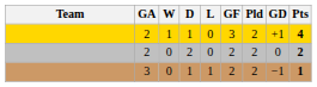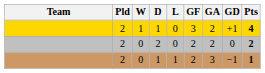 <table class="wikitable" style="text-align: center;">
 <tr>
 <th width=165>Team</th>
-<th width=20>GA</th>
+<th width=20>Pld</th>
 <th width=20>W</th>
 <th width=20>D</th>
 <th width=20>L</th>
 <th width=20>GF</th>
-<th width=20>Pld</th>
+<th width=20>GA</th>
 <th width=20>GD</th>
 <th width=20>Pts</th>
 </tr>
 <tr bgcolor=gold>
 <td align="left"></td>
 <td>2</td>
 <td>1</td>
 <td>1</td>
 <td>0</td>
 <td>3</td>
 <td>2</td>
 <td>+1</td>
 <td><strong>4</strong></td>
 </tr>
 <tr bgcolor=silver>
 <td align="left"></td>
 <td>2</td>
 <td>0</td>
 <td>2</td>
 <td>0</td>
 <td>2</td>
 <td>2</td>
 <td>0</td>
 <td><strong>2</strong></td>
 </tr>
 <tr bgcolor=#cc9966>
 <td align="left"></td>
-<td>3</td>
+<td>2</td>
 <td>0</td>
 <td>1</td>
 <td>1</td>
 <td>2</td>
-<td>2</td>
+<td>3</td>
 <td>−1</td>
 <td><strong>1</strong></td>
 </tr>
 </table>
